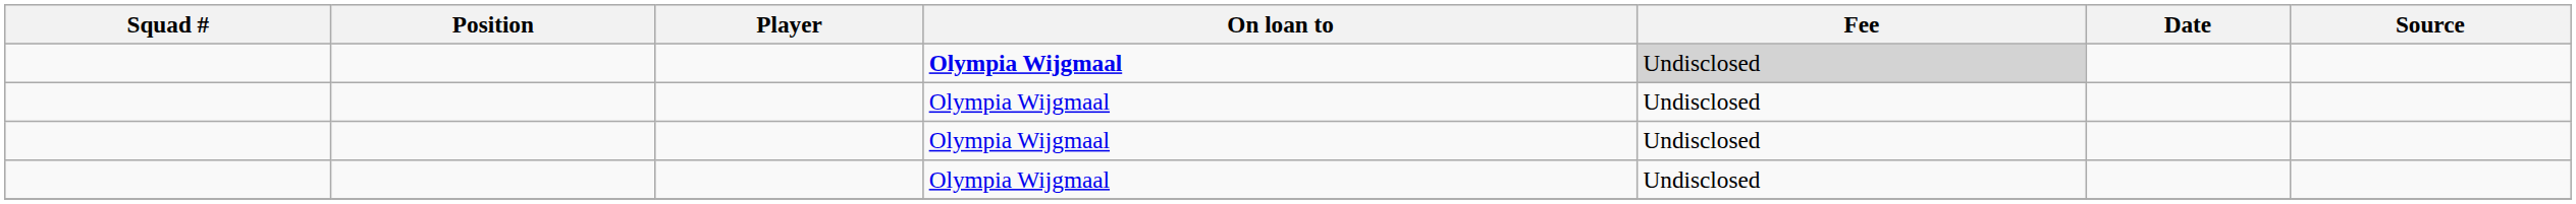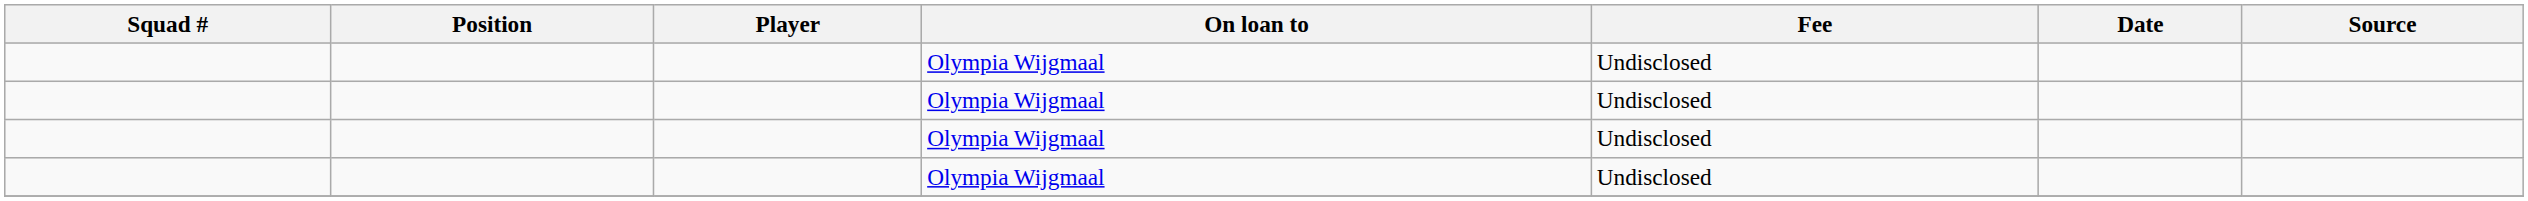 <table width=83% class="wikitable sortable" style="text-align:center; font-size:95%; text-align:left">
 <tr>
 <th><strong>Squad #</strong></th>
 <th><strong>Position</strong></th>
 <th><strong>Player</strong></th>
 <th><strong>On loan to</strong></th>
 <th><strong>Fee</strong></th>
 <th><strong>Date</strong></th>
 <th><strong>Source</strong></th>
 </tr>
 <tr>
 <td></td>
 <td></td>
 <td></td>
-<td><strong> <a href='#'>Olympia Wijgmaal</a></strong></td>
-<td style="background: lightgrey;">Undisclosed</td>
+<td> <a href='#'>Olympia Wijgmaal</a></td>
+<td>Undisclosed</td>
 <td></td>
 <td></td>
 </tr>
 <tr>
 <td></td>
 <td></td>
 <td></td>
 <td> <a href='#'>Olympia Wijgmaal</a></td>
 <td>Undisclosed</td>
 <td></td>
 <td></td>
 </tr>
 <tr>
 <td></td>
 <td></td>
 <td></td>
 <td> <a href='#'>Olympia Wijgmaal</a></td>
 <td>Undisclosed</td>
 <td></td>
 <td></td>
 </tr>
 <tr>
 <td></td>
 <td></td>
 <td></td>
 <td> <a href='#'>Olympia Wijgmaal</a></td>
 <td>Undisclosed</td>
 <td></td>
 <td></td>
 </tr>
 <tr>
 </tr>
 </table>
